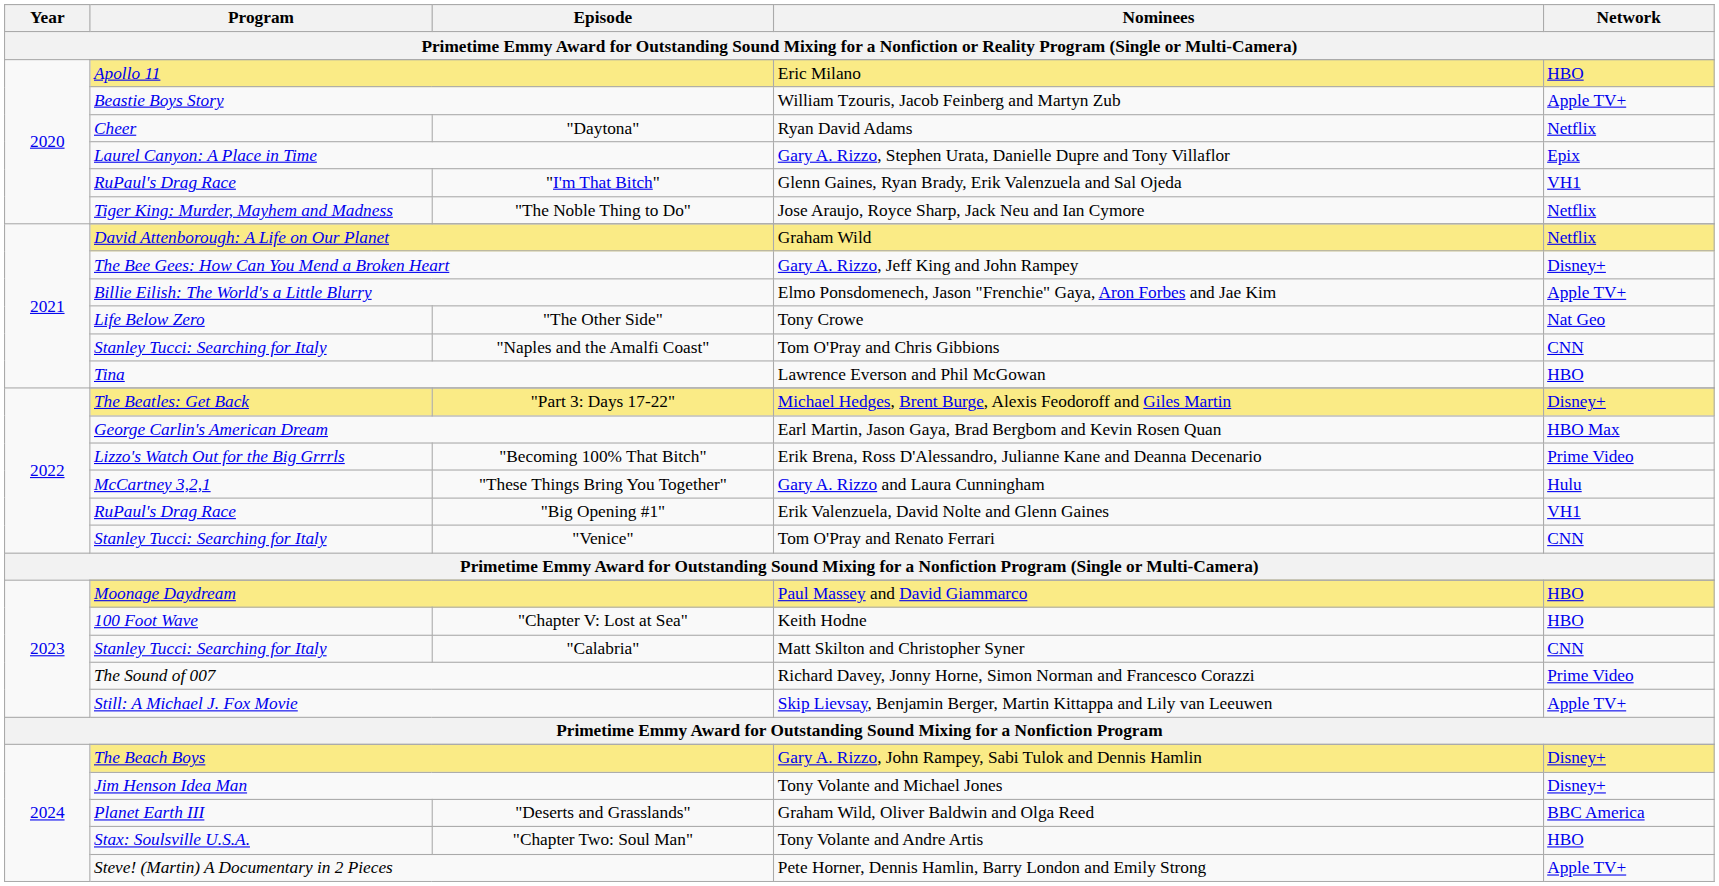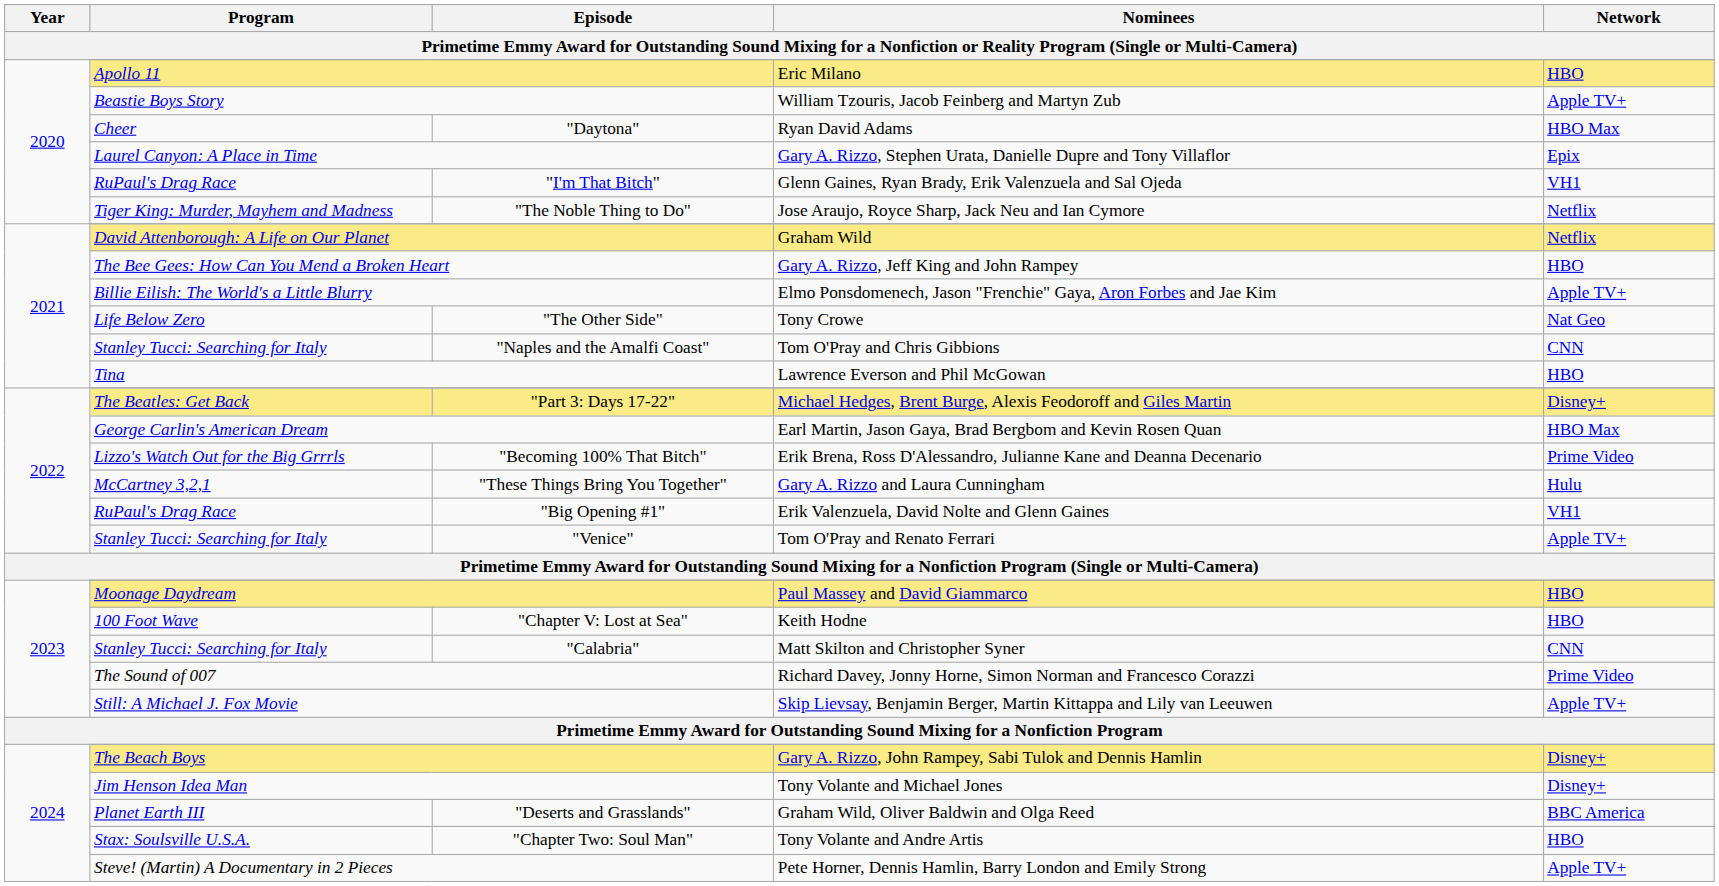 <table class="wikitable" style="width:100%">
 <tr style="background:#bebebe;">
 <th width="5%">Year</th>
 <th width="20%">Program</th>
 <th width="20%">Episode</th>
 <th width="45%">Nominees</th>
 <th width="10%">Network</th>
 </tr>
 <tr>
 <th colspan="5">Primetime Emmy Award for Outstanding Sound Mixing for a Nonfiction or Reality Program (Single or Multi-Camera)</th>
 </tr>
 <tr>
 <td rowspan=7 style="text-align:center;"><a href='#'>2020</a><br></td>
 </tr>
 <tr style="background:#FAEB86;">
 <td colspan=2><em><a href='#'>Apollo 11</a></em></td>
 <td>Eric Milano</td>
 <td><a href='#'>HBO</a></td>
 </tr>
 <tr>
 <td colspan=2><em><a href='#'>Beastie Boys Story</a></em></td>
 <td>William Tzouris, Jacob Feinberg and Martyn Zub</td>
 <td><a href='#'>Apple TV+</a></td>
 </tr>
 <tr>
 <td><em><a href='#'>Cheer</a></em></td>
 <td align=center>"Daytona"</td>
 <td>Ryan David Adams</td>
-<td><a href='#'>Netflix</a></td>
+<td><a href='#'>HBO Max</a></td>
 </tr>
 <tr>
 <td colspan=2><em><a href='#'>Laurel Canyon: A Place in Time</a></em></td>
 <td><a href='#'>Gary A. Rizzo</a>, Stephen Urata, Danielle Dupre and Tony Villaflor</td>
 <td><a href='#'>Epix</a></td>
 </tr>
 <tr>
 <td><em><a href='#'>RuPaul's Drag Race</a></em></td>
 <td align=center>"<a href='#'>I'm That Bitch</a>"</td>
 <td>Glenn Gaines, Ryan Brady, Erik Valenzuela and Sal Ojeda</td>
 <td><a href='#'>VH1</a></td>
 </tr>
 <tr>
 <td><em><a href='#'>Tiger King: Murder, Mayhem and Madness</a></em></td>
 <td align=center>"The Noble Thing to Do"</td>
 <td>Jose Araujo, Royce Sharp, Jack Neu and Ian Cymore</td>
 <td><a href='#'>Netflix</a></td>
 </tr>
 <tr>
 <td rowspan=7 style="text-align:center;"><a href='#'>2021</a><br></td>
 </tr>
 <tr style="background:#FAEB86;">
 <td colspan=2><em><a href='#'>David Attenborough: A Life on Our Planet</a></em></td>
 <td>Graham Wild</td>
 <td><a href='#'>Netflix</a></td>
 </tr>
 <tr>
 <td colspan=2><em><a href='#'>The Bee Gees: How Can You Mend a Broken Heart</a></em></td>
 <td><a href='#'>Gary A. Rizzo</a>, Jeff King and John Rampey</td>
-<td><a href='#'>Disney+</a></td>
+<td><a href='#'>HBO</a></td>
 </tr>
 <tr>
 <td colspan=2><em><a href='#'>Billie Eilish: The World's a Little Blurry</a></em></td>
 <td>Elmo Ponsdomenech, Jason "Frenchie" Gaya, <a href='#'>Aron Forbes</a> and Jae Kim</td>
 <td><a href='#'>Apple TV+</a></td>
 </tr>
 <tr>
 <td><em><a href='#'>Life Below Zero</a></em></td>
 <td align=center>"The Other Side"</td>
 <td>Tony Crowe</td>
 <td><a href='#'>Nat Geo</a></td>
 </tr>
 <tr>
 <td><em><a href='#'>Stanley Tucci: Searching for Italy</a></em></td>
 <td align=center>"Naples and the Amalfi Coast"</td>
 <td>Tom O'Pray and Chris Gibbions</td>
 <td><a href='#'>CNN</a></td>
 </tr>
 <tr>
 <td colspan=2><em><a href='#'>Tina</a></em></td>
 <td>Lawrence Everson and Phil McGowan</td>
 <td><a href='#'>HBO</a></td>
 </tr>
 <tr>
 <td rowspan=7 style="text-align:center;"><a href='#'>2022</a><br></td>
 </tr>
 <tr style="background:#FAEB86;">
 <td><em><a href='#'>The Beatles: Get Back</a></em></td>
 <td align=center>"Part 3: Days 17-22"</td>
 <td><a href='#'>Michael Hedges</a>, <a href='#'>Brent Burge</a>, Alexis Feodoroff and <a href='#'>Giles Martin</a></td>
 <td><a href='#'>Disney+</a></td>
 </tr>
 <tr>
 <td colspan=2><em><a href='#'>George Carlin's American Dream</a></em></td>
 <td>Earl Martin, Jason Gaya, Brad Bergbom and Kevin Rosen Quan</td>
 <td><a href='#'>HBO Max</a></td>
 </tr>
 <tr>
 <td><em><a href='#'>Lizzo's Watch Out for the Big Grrrls</a></em></td>
 <td align=center>"Becoming 100% That Bitch"</td>
 <td>Erik Brena, Ross D'Alessandro, Julianne Kane and Deanna Decenario</td>
 <td><a href='#'>Prime Video</a></td>
 </tr>
 <tr>
 <td><em><a href='#'>McCartney 3,2,1</a></em></td>
 <td align=center>"These Things Bring You Together"</td>
 <td><a href='#'>Gary A. Rizzo</a> and Laura Cunningham</td>
 <td><a href='#'>Hulu</a></td>
 </tr>
 <tr>
 <td><em><a href='#'>RuPaul's Drag Race</a></em></td>
 <td align=center>"Big Opening #1"</td>
 <td>Erik Valenzuela, David Nolte and Glenn Gaines</td>
 <td><a href='#'>VH1</a></td>
 </tr>
 <tr>
 <td><em><a href='#'>Stanley Tucci: Searching for Italy</a></em></td>
 <td align=center>"Venice"</td>
 <td>Tom O'Pray and Renato Ferrari</td>
-<td><a href='#'>CNN</a></td>
+<td><a href='#'>Apple TV+</a></td>
 </tr>
 <tr>
 <th colspan="5">Primetime Emmy Award for Outstanding Sound Mixing for a Nonfiction Program (Single or Multi-Camera)</th>
 </tr>
 <tr>
 <td rowspan=6 style="text-align:center;"><a href='#'>2023</a><br></td>
 </tr>
 <tr style="background:#FAEB86;">
 <td colspan="2"><em><a href='#'>Moonage Daydream</a></em></td>
 <td><a href='#'>Paul Massey</a> and <a href='#'>David Giammarco</a></td>
 <td><a href='#'>HBO</a></td>
 </tr>
 <tr>
 <td><em><a href='#'>100 Foot Wave</a></em></td>
 <td align=center>"Chapter V: Lost at Sea"</td>
 <td>Keith Hodne</td>
 <td><a href='#'>HBO</a></td>
 </tr>
 <tr>
 <td><em><a href='#'>Stanley Tucci: Searching for Italy</a></em></td>
 <td align=center>"Calabria"</td>
 <td>Matt Skilton and Christopher Syner</td>
 <td><a href='#'>CNN</a></td>
 </tr>
 <tr>
 <td colspan="2"><em>The Sound of 007</em></td>
 <td>Richard Davey, Jonny Horne, Simon Norman and Francesco Corazzi</td>
 <td><a href='#'>Prime Video</a></td>
 </tr>
 <tr>
 <td colspan="2"><em><a href='#'>Still: A Michael J. Fox Movie</a></em></td>
 <td><a href='#'>Skip Lievsay</a>, Benjamin Berger, Martin Kittappa and Lily van Leeuwen</td>
 <td><a href='#'>Apple TV+</a></td>
 </tr>
 <tr>
 <th colspan="5">Primetime Emmy Award for Outstanding Sound Mixing for a Nonfiction Program</th>
 </tr>
 <tr>
 <td rowspan=6 style="text-align:center;"><a href='#'>2024</a><br></td>
 </tr>
 <tr style="background:#FAEB86;">
 <td colspan="2"><em><a href='#'>The Beach Boys</a></em></td>
 <td><a href='#'>Gary A. Rizzo</a>, John Rampey, Sabi Tulok and Dennis Hamlin</td>
 <td><a href='#'>Disney+</a></td>
 </tr>
 <tr>
 <td colspan="2"><em><a href='#'>Jim Henson Idea Man</a></em></td>
 <td>Tony Volante and Michael Jones</td>
 <td><a href='#'>Disney+</a></td>
 </tr>
 <tr>
 <td><em><a href='#'>Planet Earth III</a></em></td>
 <td align=center>"Deserts and Grasslands"</td>
 <td>Graham Wild, Oliver Baldwin and Olga Reed</td>
 <td><a href='#'>BBC America</a></td>
 </tr>
 <tr>
 <td><em><a href='#'>Stax: Soulsville U.S.A.</a></em></td>
 <td align=center>"Chapter Two: Soul Man"</td>
 <td>Tony Volante and Andre Artis</td>
 <td><a href='#'>HBO</a></td>
 </tr>
 <tr>
 <td colspan="2"><em>Steve! (Martin) A Documentary in 2 Pieces</em></td>
 <td>Pete Horner, Dennis Hamlin, Barry London and Emily Strong</td>
 <td><a href='#'>Apple TV+</a></td>
 </tr>
 </table>
